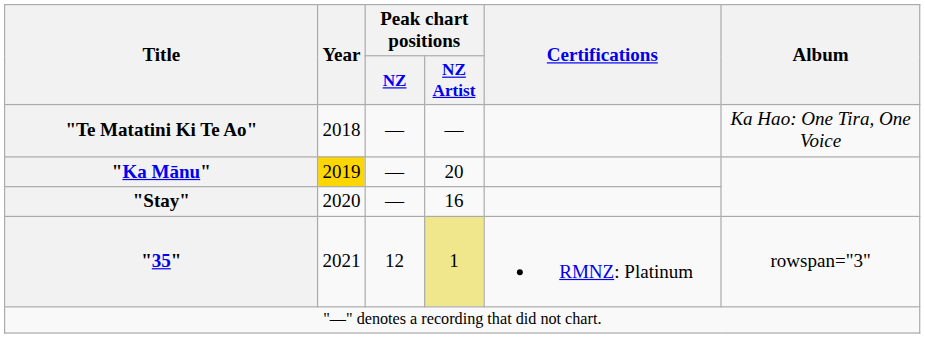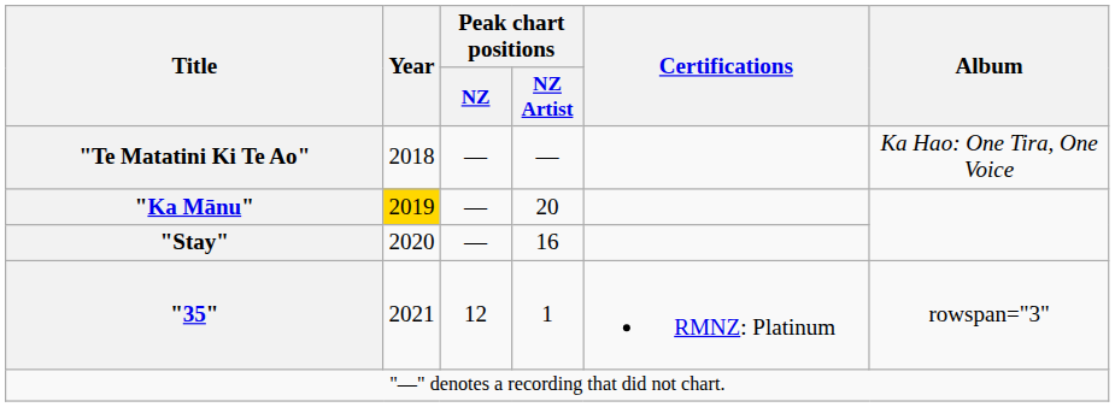 <table class="wikitable plainrowheaders" style="text-align:center;">
 <tr>
 <th scope="col" rowspan="2" style="width:16em;">Title</th>
 <th scope="col" rowspan="2" style="width:1em;">Year</th>
 <th scope="col" colspan="2">Peak chart positions</th>
 <th scope="col" rowspan="2" style="width:12em;"><a href='#'>Certifications</a></th>
 <th scope="col" rowspan="2" style="width:10em;">Album</th>
 </tr>
 <tr>
 <th scope="col" style="width:3em;font-size:90%;"><a href='#'>NZ</a><br></th>
 <th scope="col" style="width:3em;font-size:90%;"><a href='#'>NZ<br>Artist</a><br></th>
 </tr>
 <tr>
 <th scope="row">"Te Matatini Ki Te Ao"<br></th>
 <td>2018</td>
 <td>—</td>
 <td>—</td>
 <td></td>
 <td><em>Ka Hao: One Tira, One Voice</em></td>
 </tr>
 <tr>
 <th scope="row">"<a href='#'>Ka Mānu</a>"<br></th>
 <td style="background: gold;">2019</td>
 <td>—</td>
 <td>20</td>
 <td></td>
 </tr>
 <tr>
 <th scope="row">"Stay"<br></th>
 <td>2020</td>
 <td>—</td>
 <td>16</td>
 <td></td>
 </tr>
 <tr>
 <th scope="row">"<a href='#'>35</a>"<br></th>
 <td>2021</td>
 <td>12</td>
-<td style="background: khaki;">1</td>
+<td>1</td>
 <td><br><ul><li><a href='#'>RMNZ</a>: Platinum</li></ul></td>
 <td>rowspan="3" </td>
 </tr>
 <tr>
 <td colspan="8" style="font-size:85%;">"—" denotes a recording that did not chart.</td>
 </tr>
 </table>
